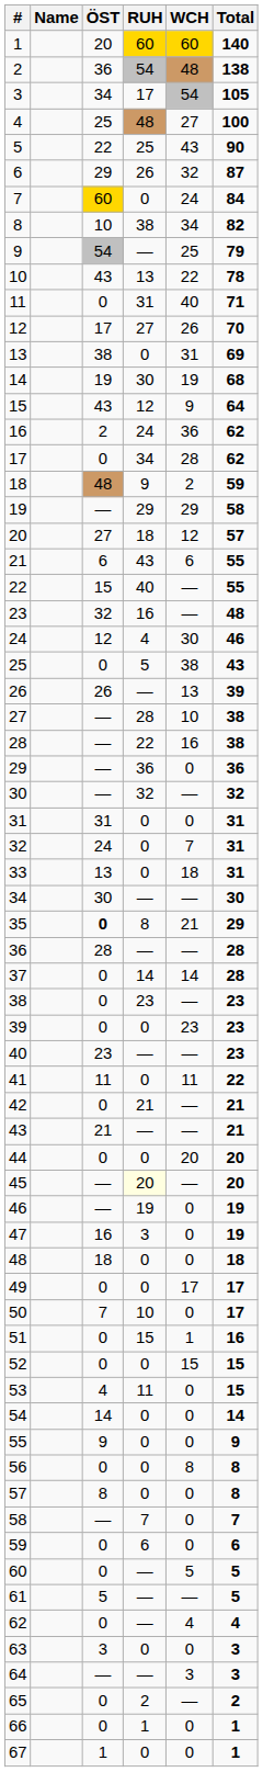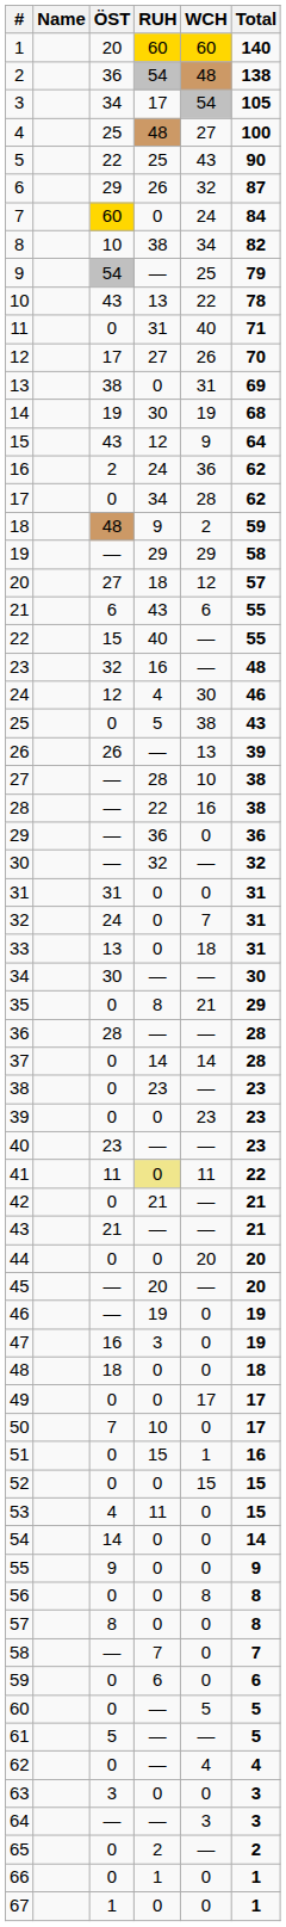 <table class="wikitable sortable" style="text-align:center;">
 <tr>
 <th>#</th>
 <th>Name</th>
 <th>ÖST</th>
 <th>RUH</th>
 <th>WCH</th>
 <th>Total</th>
 </tr>
 <tr>
 <td>1</td>
 <td align="left"></td>
 <td>20</td>
 <td bgcolor="gold">60</td>
 <td bgcolor="gold">60</td>
 <td><strong>140</strong></td>
 </tr>
 <tr>
 <td>2</td>
 <td align="left"></td>
 <td>36</td>
 <td bgcolor="silver">54</td>
 <td bgcolor="CC9966">48</td>
 <td><strong>138</strong></td>
 </tr>
 <tr>
 <td>3</td>
 <td align="left"></td>
 <td>34</td>
 <td>17</td>
 <td bgcolor="silver">54</td>
 <td><strong>105</strong></td>
 </tr>
 <tr>
 <td>4</td>
 <td align="left"></td>
 <td>25</td>
 <td bgcolor="CC9966">48</td>
 <td>27</td>
 <td><strong>100</strong></td>
 </tr>
 <tr>
 <td>5</td>
 <td align="left"></td>
 <td>22</td>
 <td>25</td>
 <td>43</td>
 <td><strong>90</strong></td>
 </tr>
 <tr>
 <td>6</td>
 <td align="left"></td>
 <td>29</td>
 <td>26</td>
 <td>32</td>
 <td><strong>87</strong></td>
 </tr>
 <tr>
 <td>7</td>
 <td align="left"></td>
 <td bgcolor="gold">60</td>
 <td>0</td>
 <td>24</td>
 <td><strong>84</strong></td>
 </tr>
 <tr>
 <td>8</td>
 <td align="left"></td>
 <td>10</td>
 <td>38</td>
 <td>34</td>
 <td><strong>82</strong></td>
 </tr>
 <tr>
 <td>9</td>
 <td align="left"></td>
 <td bgcolor="silver">54</td>
 <td>—</td>
 <td>25</td>
 <td><strong>79</strong></td>
 </tr>
 <tr>
 <td>10</td>
 <td align="left"></td>
 <td>43</td>
 <td>13</td>
 <td>22</td>
 <td><strong>78</strong></td>
 </tr>
 <tr>
 <td>11</td>
 <td align="left"></td>
 <td>0</td>
 <td>31</td>
 <td>40</td>
 <td><strong>71</strong></td>
 </tr>
 <tr>
 <td>12</td>
 <td align="left"></td>
 <td>17</td>
 <td>27</td>
 <td>26</td>
 <td><strong>70</strong></td>
 </tr>
 <tr>
 <td>13</td>
 <td align="left"></td>
 <td>38</td>
 <td>0</td>
 <td>31</td>
 <td><strong>69</strong></td>
 </tr>
 <tr>
 <td>14</td>
 <td align="left"></td>
 <td>19</td>
 <td>30</td>
 <td>19</td>
 <td><strong>68</strong></td>
 </tr>
 <tr>
 <td>15</td>
 <td align="left"></td>
 <td>43</td>
 <td>12</td>
 <td>9</td>
 <td><strong>64</strong></td>
 </tr>
 <tr>
 <td>16</td>
 <td align="left"></td>
 <td>2</td>
 <td>24</td>
 <td>36</td>
 <td><strong>62</strong></td>
 </tr>
 <tr>
 <td>17</td>
 <td align="left"></td>
 <td>0</td>
 <td>34</td>
 <td>28</td>
 <td><strong>62</strong></td>
 </tr>
 <tr>
 <td>18</td>
 <td align="left"></td>
 <td bgcolor="CC9966">48</td>
 <td>9</td>
 <td>2</td>
 <td><strong>59</strong></td>
 </tr>
 <tr>
 <td>19</td>
 <td align="left"></td>
 <td>—</td>
 <td>29</td>
 <td>29</td>
 <td><strong>58</strong></td>
 </tr>
 <tr>
 <td>20</td>
 <td align="left"></td>
 <td>27</td>
 <td>18</td>
 <td>12</td>
 <td><strong>57</strong></td>
 </tr>
 <tr>
 <td>21</td>
 <td align="left"></td>
 <td>6</td>
 <td>43</td>
 <td>6</td>
 <td><strong>55</strong></td>
 </tr>
 <tr>
 <td>22</td>
 <td align="left"></td>
 <td>15</td>
 <td>40</td>
 <td>—</td>
 <td><strong>55</strong></td>
 </tr>
 <tr>
 <td>23</td>
 <td align="left"></td>
 <td>32</td>
 <td>16</td>
 <td>—</td>
 <td><strong>48</strong></td>
 </tr>
 <tr>
 <td>24</td>
 <td align="left"></td>
 <td>12</td>
 <td>4</td>
 <td>30</td>
 <td><strong>46</strong></td>
 </tr>
 <tr>
 <td>25</td>
 <td align="left"></td>
 <td>0</td>
 <td>5</td>
 <td>38</td>
 <td><strong>43</strong></td>
 </tr>
 <tr>
 <td>26</td>
 <td align="left"></td>
 <td>26</td>
 <td>—</td>
 <td>13</td>
 <td><strong>39</strong></td>
 </tr>
 <tr>
 <td>27</td>
 <td align="left"></td>
 <td>—</td>
 <td>28</td>
 <td>10</td>
 <td><strong>38</strong></td>
 </tr>
 <tr>
 <td>28</td>
 <td align="left"></td>
 <td>—</td>
 <td>22</td>
 <td>16</td>
 <td><strong>38</strong></td>
 </tr>
 <tr>
 <td>29</td>
 <td align="left"></td>
 <td>—</td>
 <td>36</td>
 <td>0</td>
 <td><strong>36</strong></td>
 </tr>
 <tr>
 <td>30</td>
 <td align="left"></td>
 <td>—</td>
 <td>32</td>
 <td>—</td>
 <td><strong>32</strong></td>
 </tr>
 <tr>
 <td>31</td>
 <td align="left"></td>
 <td>31</td>
 <td>0</td>
 <td>0</td>
 <td><strong>31</strong></td>
 </tr>
 <tr>
 <td>32</td>
 <td align="left"></td>
 <td>24</td>
 <td>0</td>
 <td>7</td>
 <td><strong>31</strong></td>
 </tr>
 <tr>
 <td>33</td>
 <td align="left"></td>
 <td>13</td>
 <td>0</td>
 <td>18</td>
 <td><strong>31</strong></td>
 </tr>
 <tr>
 <td>34</td>
 <td align="left"></td>
 <td>30</td>
 <td>—</td>
 <td>—</td>
 <td><strong>30</strong></td>
 </tr>
 <tr>
 <td>35</td>
 <td align="left"></td>
-<td><strong>0</strong></td>
+<td>0</td>
 <td>8</td>
 <td>21</td>
 <td><strong>29</strong></td>
 </tr>
 <tr>
 <td>36</td>
 <td align="left"></td>
 <td>28</td>
 <td>—</td>
 <td>—</td>
 <td><strong>28</strong></td>
 </tr>
 <tr>
 <td>37</td>
 <td align="left"></td>
 <td>0</td>
 <td>14</td>
 <td>14</td>
 <td><strong>28</strong></td>
 </tr>
 <tr>
 <td>38</td>
 <td align="left"></td>
 <td>0</td>
 <td>23</td>
 <td>—</td>
 <td><strong>23</strong></td>
 </tr>
 <tr>
 <td>39</td>
 <td align="left"></td>
 <td>0</td>
 <td>0</td>
 <td>23</td>
 <td><strong>23</strong></td>
 </tr>
 <tr>
 <td>40</td>
 <td align="left"></td>
 <td>23</td>
 <td>—</td>
 <td>—</td>
 <td><strong>23</strong></td>
 </tr>
 <tr>
 <td>41</td>
 <td align="left"></td>
 <td>11</td>
-<td>0</td>
+<td style="background: khaki;">0</td>
 <td>11</td>
 <td><strong>22</strong></td>
 </tr>
 <tr>
 <td>42</td>
 <td align="left"></td>
 <td>0</td>
 <td>21</td>
 <td>—</td>
 <td><strong>21</strong></td>
 </tr>
 <tr>
 <td>43</td>
 <td align="left"></td>
 <td>21</td>
 <td>—</td>
 <td>—</td>
 <td><strong>21</strong></td>
 </tr>
 <tr>
 <td>44</td>
 <td align="left"></td>
 <td>0</td>
 <td>0</td>
 <td>20</td>
 <td><strong>20</strong></td>
 </tr>
 <tr>
 <td>45</td>
 <td align="left"></td>
 <td>—</td>
-<td style="background: lightyellow;">20</td>
+<td>20</td>
 <td>—</td>
 <td><strong>20</strong></td>
 </tr>
 <tr>
 <td>46</td>
 <td align="left"></td>
 <td>—</td>
 <td>19</td>
 <td>0</td>
 <td><strong>19</strong></td>
 </tr>
 <tr>
 <td>47</td>
 <td align="left"></td>
 <td>16</td>
 <td>3</td>
 <td>0</td>
 <td><strong>19</strong></td>
 </tr>
 <tr>
 <td>48</td>
 <td align="left"></td>
 <td>18</td>
 <td>0</td>
 <td>0</td>
 <td><strong>18</strong></td>
 </tr>
 <tr>
 <td>49</td>
 <td align="left"></td>
 <td>0</td>
 <td>0</td>
 <td>17</td>
 <td><strong>17</strong></td>
 </tr>
 <tr>
 <td>50</td>
 <td align="left"></td>
 <td>7</td>
 <td>10</td>
 <td>0</td>
 <td><strong>17</strong></td>
 </tr>
 <tr>
 <td>51</td>
 <td align="left"></td>
 <td>0</td>
 <td>15</td>
 <td>1</td>
 <td><strong>16</strong></td>
 </tr>
 <tr>
 <td>52</td>
 <td align="left"></td>
 <td>0</td>
 <td>0</td>
 <td>15</td>
 <td><strong>15</strong></td>
 </tr>
 <tr>
 <td>53</td>
 <td align="left"></td>
 <td>4</td>
 <td>11</td>
 <td>0</td>
 <td><strong>15</strong></td>
 </tr>
 <tr>
 <td>54</td>
 <td align="left"></td>
 <td>14</td>
 <td>0</td>
 <td>0</td>
 <td><strong>14</strong></td>
 </tr>
 <tr>
 <td>55</td>
 <td align="left"></td>
 <td>9</td>
 <td>0</td>
 <td>0</td>
 <td><strong>9</strong></td>
 </tr>
 <tr>
 <td>56</td>
 <td align="left"></td>
 <td>0</td>
 <td>0</td>
 <td>8</td>
 <td><strong>8</strong></td>
 </tr>
 <tr>
 <td>57</td>
 <td align="left"></td>
 <td>8</td>
 <td>0</td>
 <td>0</td>
 <td><strong>8</strong></td>
 </tr>
 <tr>
 <td>58</td>
 <td align="left"></td>
 <td>—</td>
 <td>7</td>
 <td>0</td>
 <td><strong>7</strong></td>
 </tr>
 <tr>
 <td>59</td>
 <td align="left"></td>
 <td>0</td>
 <td>6</td>
 <td>0</td>
 <td><strong>6</strong></td>
 </tr>
 <tr>
 <td>60</td>
 <td align="left"></td>
 <td>0</td>
 <td>—</td>
 <td>5</td>
 <td><strong>5</strong></td>
 </tr>
 <tr>
 <td>61</td>
 <td align="left"></td>
 <td>5</td>
 <td>—</td>
 <td>—</td>
 <td><strong>5</strong></td>
 </tr>
 <tr>
 <td>62</td>
 <td align="left"></td>
 <td>0</td>
 <td>—</td>
 <td>4</td>
 <td><strong>4</strong></td>
 </tr>
 <tr>
 <td>63</td>
 <td align="left"></td>
 <td>3</td>
 <td>0</td>
 <td>0</td>
 <td><strong>3</strong></td>
 </tr>
 <tr>
 <td>64</td>
 <td align="left"></td>
 <td>—</td>
 <td>—</td>
 <td>3</td>
 <td><strong>3</strong></td>
 </tr>
 <tr>
 <td>65</td>
 <td align="left"></td>
 <td>0</td>
 <td>2</td>
 <td>—</td>
 <td><strong>2</strong></td>
 </tr>
 <tr>
 <td>66</td>
 <td align="left"></td>
 <td>0</td>
 <td>1</td>
 <td>0</td>
 <td><strong>1</strong></td>
 </tr>
 <tr>
 <td>67</td>
 <td align="left"></td>
 <td>1</td>
 <td>0</td>
 <td>0</td>
 <td><strong>1</strong></td>
 </tr>
 </table>
